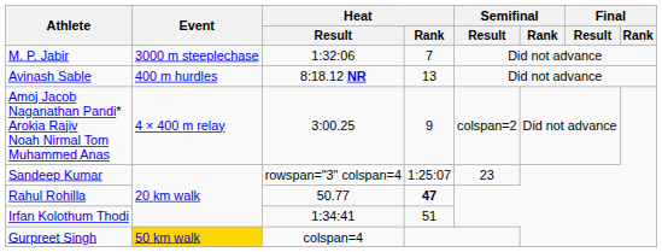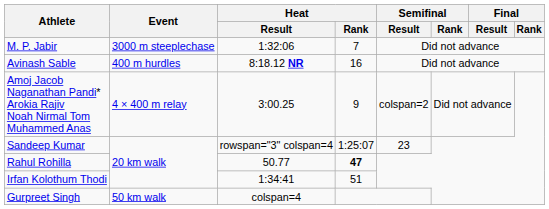 <table class="wikitable" style="font-size:90%">
 <tr>
 <th rowspan="2">Athlete</th>
 <th rowspan="2">Event</th>
 <th colspan="2">Heat</th>
 <th colspan="2">Semifinal</th>
 <th colspan="2">Final</th>
 </tr>
 <tr style="font-size:95%">
 <th>Result</th>
 <th>Rank</th>
 <th>Result</th>
 <th>Rank</th>
 <th>Result</th>
 <th>Rank</th>
 </tr>
 <tr align="center">
 <td align="left"><a href='#'>M. P. Jabir</a></td>
 <td align="left"><a href='#'>3000 m steeplechase</a></td>
 <td>1:32:06</td>
 <td>7</td>
 <td colspan="4">Did not advance</td>
 </tr>
 <tr align="center">
 <td align="left"><a href='#'>Avinash Sable</a></td>
 <td align="left"><a href='#'>400 m hurdles</a></td>
 <td>8:18.12 <strong><a href='#'>NR</a></strong></td>
-<td>13</td>
+<td>16</td>
 <td colspan="4">Did not advance</td>
 </tr>
 <tr align="center">
 <td align="left"><a href='#'>Amoj Jacob</a> <br> <a href='#'>Naganathan Pandi</a>* <br> <a href='#'>Arokia Rajiv</a> <br> <a href='#'>Noah Nirmal Tom</a> <br> <a href='#'>Muhammed Anas</a></td>
 <td align="left"><a href='#'>4 × 400 m relay</a></td>
 <td>3:00.25 <strong></strong></td>
 <td>9</td>
 <td>colspan=2 </td>
 <td colspan=2>Did not advance</td>
 </tr>
 <tr align="center">
 <td align="left"><a href='#'>Sandeep Kumar</a></td>
 <td rowspan="3" align="left"><a href='#'>20 km walk</a></td>
 <td>rowspan="3" colspan=4 </td>
 <td>1:25:07</td>
 <td>23</td>
 </tr>
 <tr align="center">
 <td align="left"><a href='#'>Rahul Rohilla</a></td>
 <td>50.77</td>
 <td><strong>47</strong></td>
 </tr>
 <tr align="center">
 <td align="left"><a href='#'>Irfan Kolothum Thodi</a></td>
 <td>1:34:41</td>
 <td>51</td>
 </tr>
 <tr align="center">
 <td align="left"><a href='#'>Gurpreet Singh</a></td>
-<td align="left" style="background: gold;"><a href='#'>50 km walk</a></td>
+<td align="left"><a href='#'>50 km walk</a></td>
 <td>colspan=4 </td>
 <td colspan="2"></td>
 </tr>
 </table>
